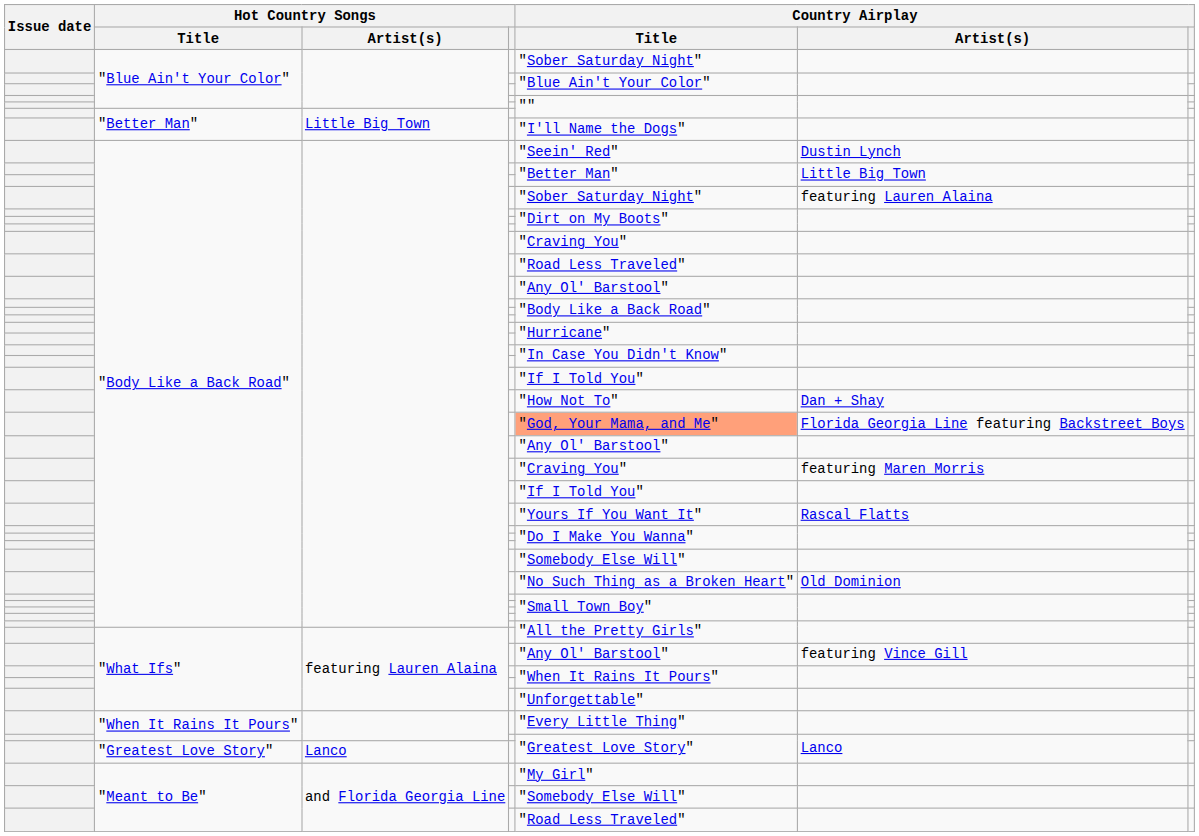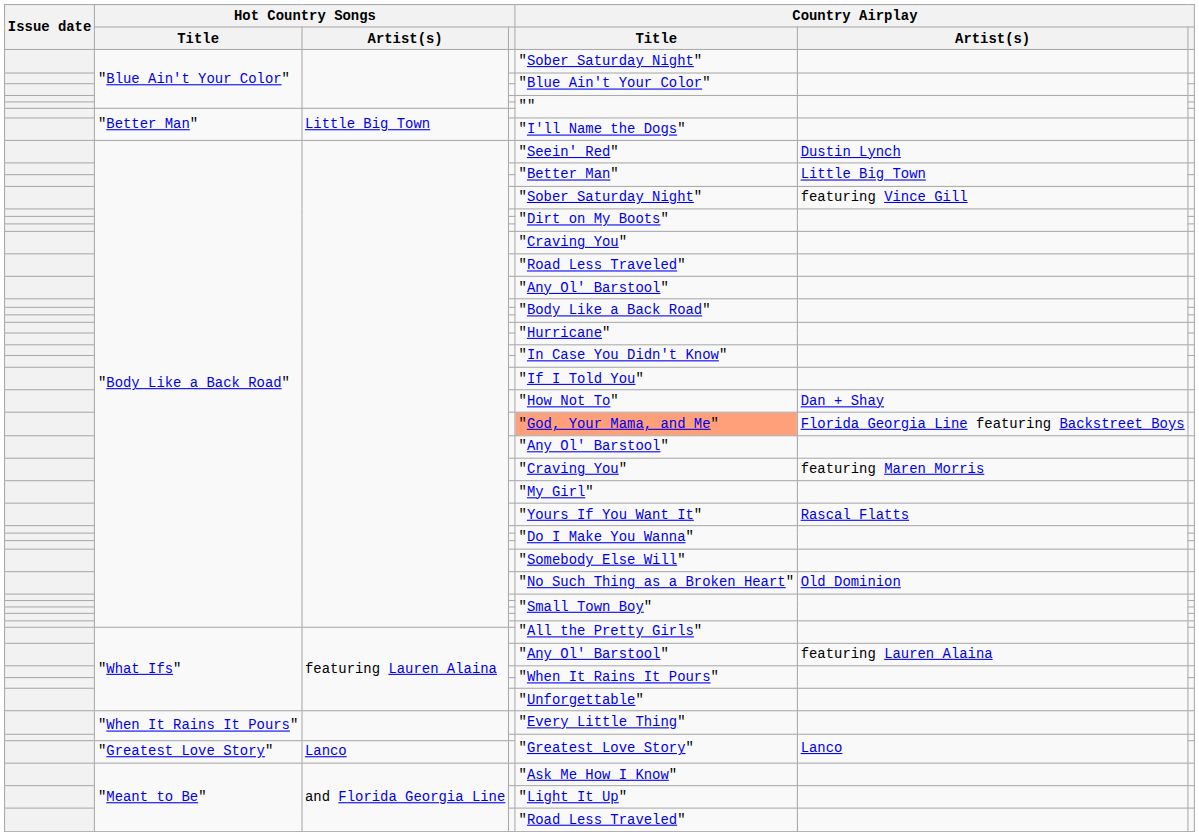 <table class="wikitable sortable plainrowheaders">
 <tr>
 <th scope=col rowspan=2>Issue date</th>
 <th scope=col colspan=3>Hot Country Songs</th>
 <th scope=col colspan=3>Country Airplay</th>
 </tr>
 <tr>
 <th scope=col>Title</th>
 <th scope=col>Artist(s)</th>
 <th scope=col class=unsortable></th>
 <th scope=col>Title</th>
 <th scope=col>Artist(s)</th>
 <th scope=col class=unsortable></th>
 </tr>
 <tr>
 <th scope=row></th>
 <td rowspan="5">"<a href='#'>Blue Ain't Your Color</a>"</td>
 <td rowspan="5"></td>
 <td align=center></td>
 <td>"<a href='#'>Sober Saturday Night</a>"</td>
 <td></td>
 <td align=center></td>
 </tr>
 <tr>
 <th scope=row></th>
 <td align=center></td>
 <td rowspan="2">"<a href='#'>Blue Ain't Your Color</a>"</td>
 <td rowspan="2"></td>
 <td align=center></td>
 </tr>
 <tr>
 <th scope=row></th>
 <td align=center></td>
 <td align=center></td>
 </tr>
 <tr>
 <th scope=row></th>
 <td align=center></td>
 <td rowspan="3">""</td>
 <td rowspan="3"></td>
 <td align=center></td>
 </tr>
 <tr>
 <th scope=row></th>
 <td align=center></td>
 <td align=center></td>
 </tr>
 <tr>
 <th scope=row></th>
 <td rowspan="2">"<a href='#'>Better Man</a>"</td>
 <td rowspan="2"><a href='#'>Little Big Town</a></td>
 <td align=center></td>
 <td align=center></td>
 </tr>
 <tr>
 <th scope=row></th>
 <td align=center></td>
 <td>"<a href='#'>I'll Name the Dogs</a>"</td>
 <td></td>
 <td align=center></td>
 </tr>
 <tr>
 <th scope=row></th>
 <td rowspan="34">"<a href='#'>Body Like a Back Road</a>"</td>
 <td rowspan="34"></td>
 <td align=center></td>
 <td>"<a href='#'>Seein' Red</a>"</td>
 <td><a href='#'>Dustin Lynch</a></td>
 <td align=center></td>
 </tr>
 <tr>
 <th scope=row></th>
 <td align=center></td>
 <td rowspan="2">"<a href='#'>Better Man</a>"</td>
 <td rowspan="2"><a href='#'>Little Big Town</a></td>
 <td align=center></td>
 </tr>
 <tr>
 <th scope=row></th>
 <td align=center></td>
 <td align=center></td>
 </tr>
 <tr>
 <th scope=row></th>
 <td align=center></td>
 <td>"<a href='#'>Sober Saturday Night</a>"</td>
-<td> featuring <a href='#'>Lauren Alaina</a></td>
+<td> featuring <a href='#'>Vince Gill</a></td>
 <td align=center></td>
 </tr>
 <tr>
 <th scope=row></th>
 <td align=center></td>
 <td rowspan="3">"<a href='#'>Dirt on My Boots</a>"</td>
 <td rowspan="3"></td>
 <td align=center></td>
 </tr>
 <tr>
 <th scope=row></th>
 <td align=center></td>
 <td align=center></td>
 </tr>
 <tr>
 <th scope=row></th>
 <td align=center></td>
 <td align=center></td>
 </tr>
 <tr>
 <th scope=row></th>
 <td align=center></td>
 <td>"<a href='#'>Craving You</a>"</td>
 <td></td>
 <td align=center></td>
 </tr>
 <tr>
 <th scope=row></th>
 <td align=center></td>
 <td>"<a href='#'>Road Less Traveled</a>"</td>
 <td></td>
 <td align=center></td>
 </tr>
 <tr>
 <th scope=row></th>
 <td align=center></td>
 <td>"<a href='#'>Any Ol' Barstool</a>"</td>
 <td></td>
 <td align=center></td>
 </tr>
 <tr>
 <th scope=row></th>
 <td align=center></td>
 <td rowspan="3">"<a href='#'>Body Like a Back Road</a>"</td>
 <td rowspan="3"></td>
 <td align=center></td>
 </tr>
 <tr>
 <th scope=row></th>
 <td align=center></td>
 <td align=center></td>
 </tr>
 <tr>
 <th scope=row></th>
 <td align=center></td>
 <td align=center></td>
 </tr>
 <tr>
 <th scope=row></th>
 <td align=center></td>
 <td rowspan="2">"<a href='#'>Hurricane</a>"</td>
 <td rowspan="2"></td>
 <td align=center></td>
 </tr>
 <tr>
 <th scope=row></th>
 <td align=center></td>
 <td align=center></td>
 </tr>
 <tr>
 <th scope=row></th>
 <td align=center></td>
 <td rowspan="2">"<a href='#'>In Case You Didn't Know</a>"</td>
 <td rowspan="2"></td>
 <td align=center></td>
 </tr>
 <tr>
 <th scope=row></th>
 <td align=center></td>
 <td align=center></td>
 </tr>
 <tr>
 <th scope=row></th>
 <td align=center></td>
 <td>"<a href='#'>If I Told You</a>"</td>
 <td></td>
 <td align=center></td>
 </tr>
 <tr>
 <th scope=row></th>
 <td align=center></td>
 <td>"<a href='#'>How Not To</a>"</td>
 <td><a href='#'>Dan + Shay</a></td>
 <td align=center></td>
 </tr>
 <tr>
 <th scope=row></th>
 <td align=center></td>
 <td style="background: lightsalmon;">"<a href='#'>God, Your Mama, and Me</a>"</td>
 <td><a href='#'>Florida Georgia Line</a> featuring <a href='#'>Backstreet Boys</a></td>
 <td align=center></td>
 </tr>
 <tr>
 <th scope=row></th>
 <td align=center></td>
 <td>"<a href='#'>Any Ol' Barstool</a>"</td>
 <td></td>
 <td align=center></td>
 </tr>
 <tr>
 <th scope=row></th>
 <td align=center></td>
 <td>"<a href='#'>Craving You</a>"</td>
 <td> featuring <a href='#'>Maren Morris</a></td>
 <td align=center></td>
 </tr>
 <tr>
 <th scope=row></th>
 <td align=center></td>
-<td>"<a href='#'>If I Told You</a>"</td>
+<td>"<a href='#'>My Girl</a>"</td>
 <td></td>
 <td align=center></td>
 </tr>
 <tr>
 <th scope=row></th>
 <td align=center></td>
 <td>"<a href='#'>Yours If You Want It</a>"</td>
 <td><a href='#'>Rascal Flatts</a></td>
 <td align=center></td>
 </tr>
 <tr>
 <th scope=row></th>
 <td align=center></td>
 <td rowspan="3">"<a href='#'>Do I Make You Wanna</a>"</td>
 <td rowspan="3"></td>
 <td align=center></td>
 </tr>
 <tr>
 <th scope=row></th>
 <td align=center></td>
 <td align=center></td>
 </tr>
 <tr>
 <th scope=row></th>
 <td align=center></td>
 <td align=center></td>
 </tr>
 <tr>
 <th scope=row></th>
 <td align=center></td>
 <td>"<a href='#'>Somebody Else Will</a>"</td>
 <td></td>
 <td align=center></td>
 </tr>
 <tr>
 <th scope=row></th>
 <td align=center></td>
 <td>"<a href='#'>No Such Thing as a Broken Heart</a>"</td>
 <td><a href='#'>Old Dominion</a></td>
 <td align=center></td>
 </tr>
 <tr>
 <th scope=row></th>
 <td align=center></td>
 <td rowspan="4">"<a href='#'>Small Town Boy</a>"</td>
 <td rowspan="4"></td>
 <td align=center></td>
 </tr>
 <tr>
 <th scope=row></th>
 <td align=center></td>
 <td align=center></td>
 </tr>
 <tr>
 <th scope=row></th>
 <td align=center></td>
 <td align=center></td>
 </tr>
 <tr>
 <th scope=row></th>
 <td align=center></td>
 <td align=center></td>
 </tr>
 <tr>
 <th scope=row></th>
 <td align=center></td>
 <td rowspan="2">"<a href='#'>All the Pretty Girls</a>"</td>
 <td rowspan="2"></td>
 <td align=center></td>
 </tr>
 <tr>
 <th scope=row></th>
 <td rowspan="5">"<a href='#'>What Ifs</a>"</td>
 <td rowspan="5"> featuring <a href='#'>Lauren Alaina</a></td>
 <td align=center></td>
 <td align=center></td>
 </tr>
 <tr>
 <th scope=row></th>
 <td align=center></td>
 <td>"<a href='#'>Any Ol' Barstool</a>"</td>
-<td> featuring <a href='#'>Vince Gill</a></td>
+<td> featuring <a href='#'>Lauren Alaina</a></td>
 <td align=center></td>
 </tr>
 <tr>
 <th scope=row></th>
 <td align=center></td>
 <td rowspan="2">"<a href='#'>When It Rains It Pours</a>"</td>
 <td rowspan="2"></td>
 <td align=center></td>
 </tr>
 <tr>
 <th scope=row></th>
 <td align=center></td>
 <td align=center></td>
 </tr>
 <tr>
 <th scope=row></th>
 <td align=center></td>
 <td>"<a href='#'>Unforgettable</a>"</td>
 <td></td>
 <td align=center></td>
 </tr>
 <tr>
 <th scope=row></th>
 <td rowspan="2">"<a href='#'>When It Rains It Pours</a>"</td>
 <td rowspan="2"></td>
 <td align=center></td>
 <td>"<a href='#'>Every Little Thing</a>"</td>
 <td></td>
 <td align=center></td>
 </tr>
 <tr>
 <th scope=row></th>
 <td align=center></td>
 <td rowspan="2">"<a href='#'>Greatest Love Story</a>"</td>
 <td rowspan="2"><a href='#'>Lanco</a></td>
 <td align=center></td>
 </tr>
 <tr>
 <th scope=row></th>
 <td>"<a href='#'>Greatest Love Story</a>"</td>
 <td><a href='#'>Lanco</a></td>
 <td align=center></td>
 <td align=center></td>
 </tr>
 <tr>
 <th scope=row></th>
 <td rowspan="3">"<a href='#'>Meant to Be</a>"</td>
 <td rowspan="3"> and <a href='#'>Florida Georgia Line</a></td>
 <td align=center></td>
-<td>"<a href='#'>My Girl</a>"</td>
+<td>"<a href='#'>Ask Me How I Know</a>"</td>
 <td></td>
 <td align=center></td>
 </tr>
 <tr>
 <th scope=row></th>
 <td align=center></td>
-<td>"<a href='#'>Somebody Else Will</a>"</td>
+<td>"<a href='#'>Light It Up</a>"</td>
 <td></td>
 <td align=center></td>
 </tr>
 <tr>
 <th scope=row></th>
 <td align=center></td>
 <td>"<a href='#'>Road Less Traveled</a>"</td>
 <td></td>
 <td align=center></td>
 </tr>
 </table>
